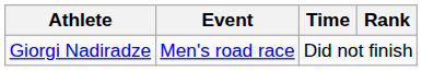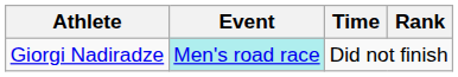 <table class="wikitable" style="font-size:90%">
 <tr>
 <th>Athlete</th>
 <th>Event</th>
 <th>Time</th>
 <th>Rank</th>
 </tr>
 <tr align=center>
 <td align=left><a href='#'>Giorgi Nadiradze</a></td>
-<td align=left><a href='#'>Men's road race</a></td>
+<td align=left style="background: paleturquoise;"><a href='#'>Men's road race</a></td>
 <td colspan=2>Did not finish</td>
 </tr>
 </table>
